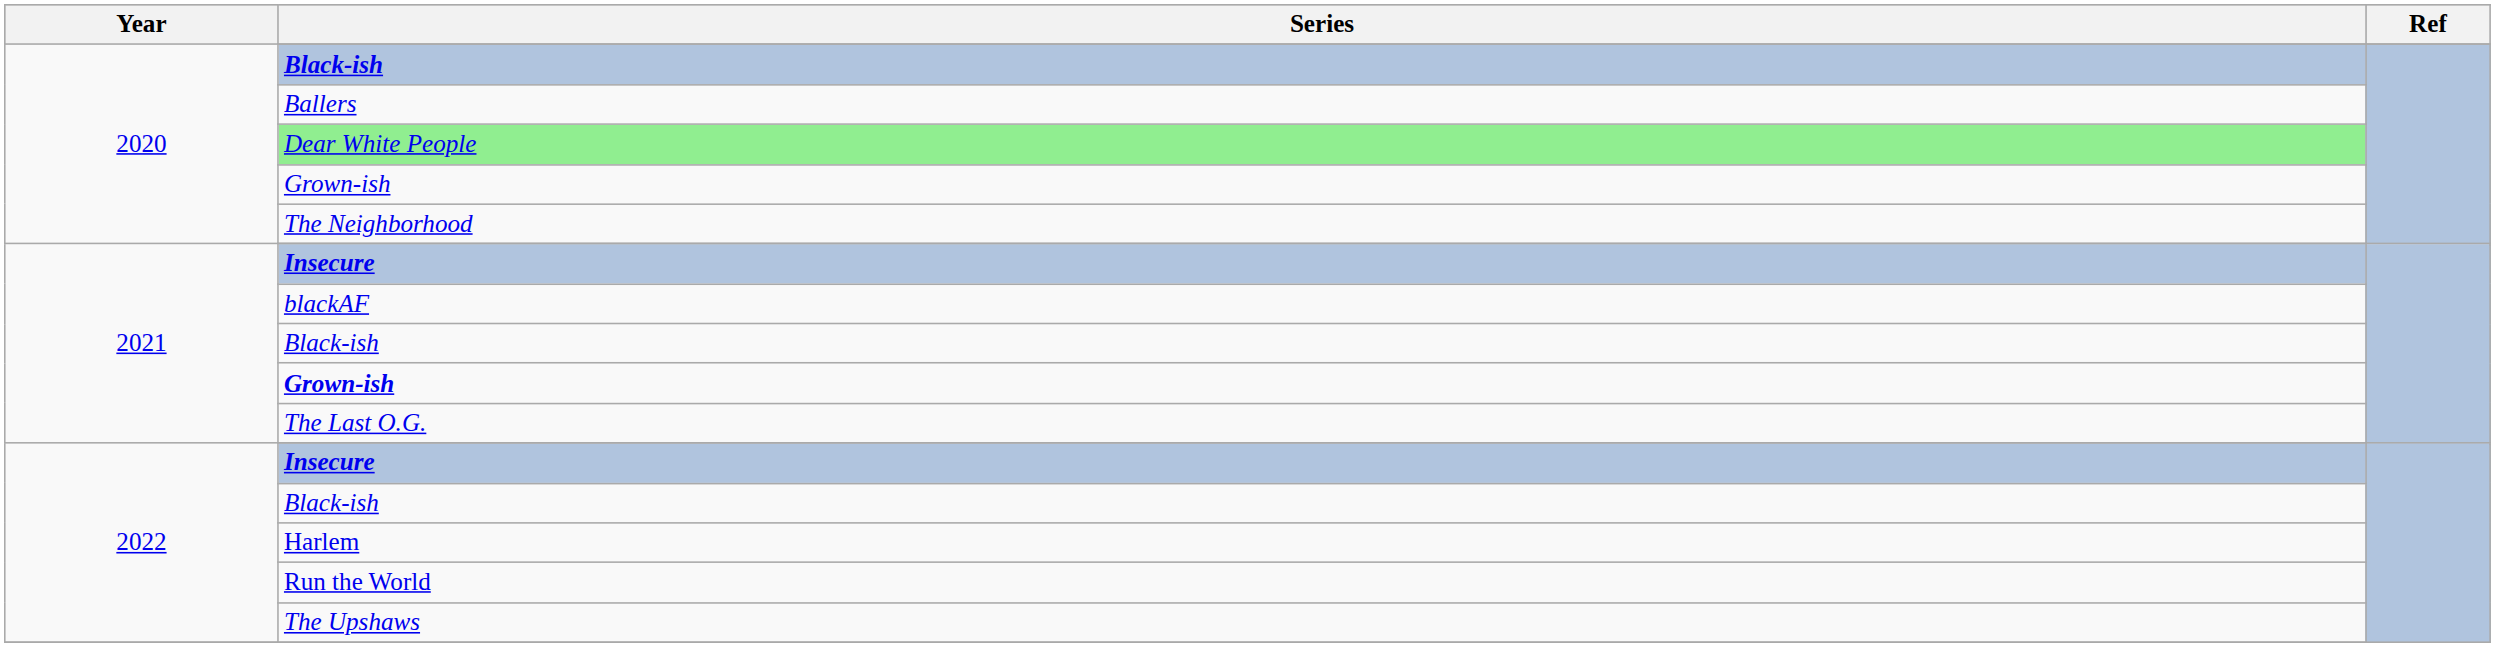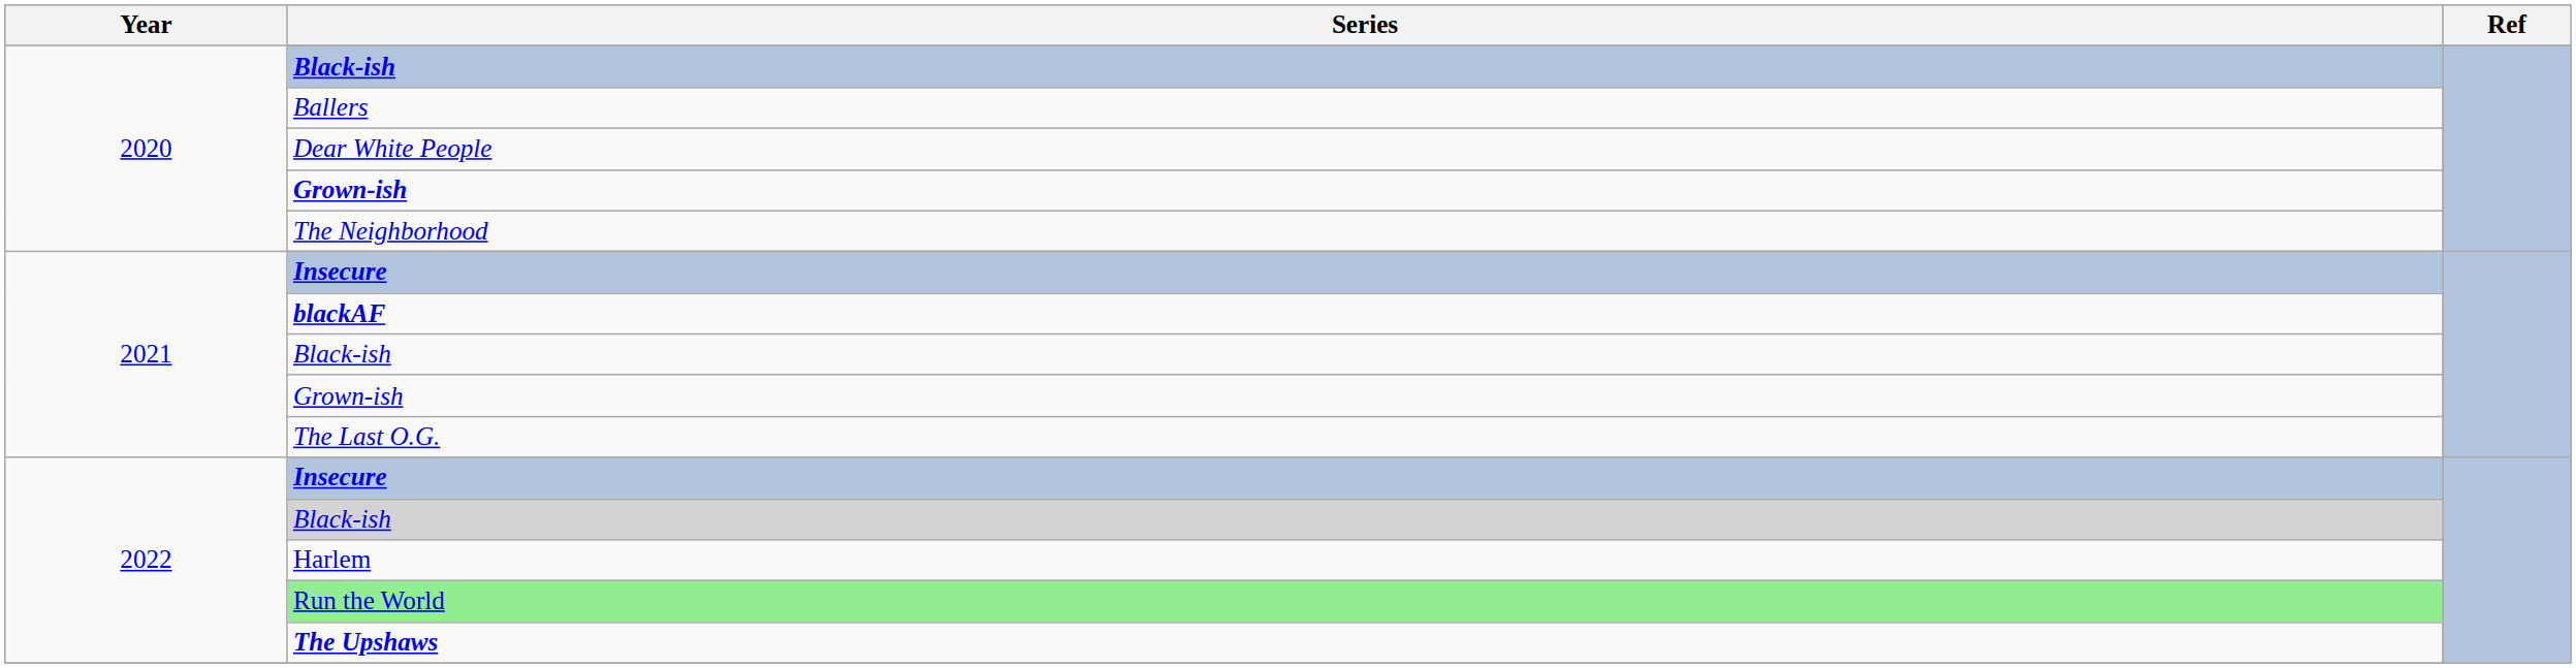 <table class="wikitable" style="width:100%;">
 <tr style="background:#bebebe;">
 <th style="width:11%;">Year</th>
 <th style="width:84%;">Series</th>
 <th style="width:5%;">Ref</th>
 </tr>
 <tr>
 <td rowspan="6" align="center"><a href='#'>2020</a></td>
 </tr>
 <tr style="background:#B0C4DE">
 <td><strong><em><a href='#'>Black-ish</a></em></strong></td>
 <td rowspan="6" align="center"></td>
 </tr>
 <tr>
 <td><em><a href='#'>Ballers</a></em></td>
 </tr>
 <tr>
-<td style="background: lightgreen;"><em><a href='#'>Dear White People</a></em></td>
+<td><em><a href='#'>Dear White People</a></em></td>
 </tr>
 <tr>
-<td><em><a href='#'>Grown-ish</a></em></td>
+<td><strong><em><a href='#'>Grown-ish</a></em></strong></td>
 </tr>
 <tr>
 <td><em><a href='#'>The Neighborhood</a></em></td>
 </tr>
 <tr>
 <td rowspan="6" align="center"><a href='#'>2021</a></td>
 </tr>
 <tr style="background:#B0C4DE">
 <td><strong><em><a href='#'>Insecure</a></em></strong></td>
 <td rowspan="6" align="center"></td>
 </tr>
 <tr>
-<td><em><a href='#'>blackAF</a></em></td>
+<td><strong><em><a href='#'>blackAF</a></em></strong></td>
 </tr>
 <tr>
 <td><em><a href='#'>Black-ish</a></em></td>
 </tr>
 <tr>
-<td><strong><em><a href='#'>Grown-ish</a></em></strong></td>
+<td><em><a href='#'>Grown-ish</a></em></td>
 </tr>
 <tr>
 <td><em><a href='#'>The Last O.G.</a></em></td>
 </tr>
 <tr>
 <td rowspan="6" align="center"><a href='#'>2022</a></td>
 </tr>
 <tr style="background:#B0C4DE">
 <td><strong><em><a href='#'>Insecure</a></em></strong></td>
 <td rowspan="6" align="center"></td>
 </tr>
 <tr>
-<td><em><a href='#'>Black-ish</a></em></td>
+<td style="background: lightgrey;"><em><a href='#'>Black-ish</a></em></td>
 </tr>
 <tr>
 <td><em><a href='#'></em>Harlem<em></a></em></td>
 </tr>
 <tr>
-<td><em><a href='#'></em>Run the World<em></a></em></td>
+<td style="background: lightgreen;"><em><a href='#'></em>Run the World<em></a></em></td>
 </tr>
 <tr>
-<td><em><a href='#'>The Upshaws</a></em></td>
+<td><strong><em><a href='#'>The Upshaws</a></em></strong></td>
 </tr>
 <tr>
 </tr>
 </table>
